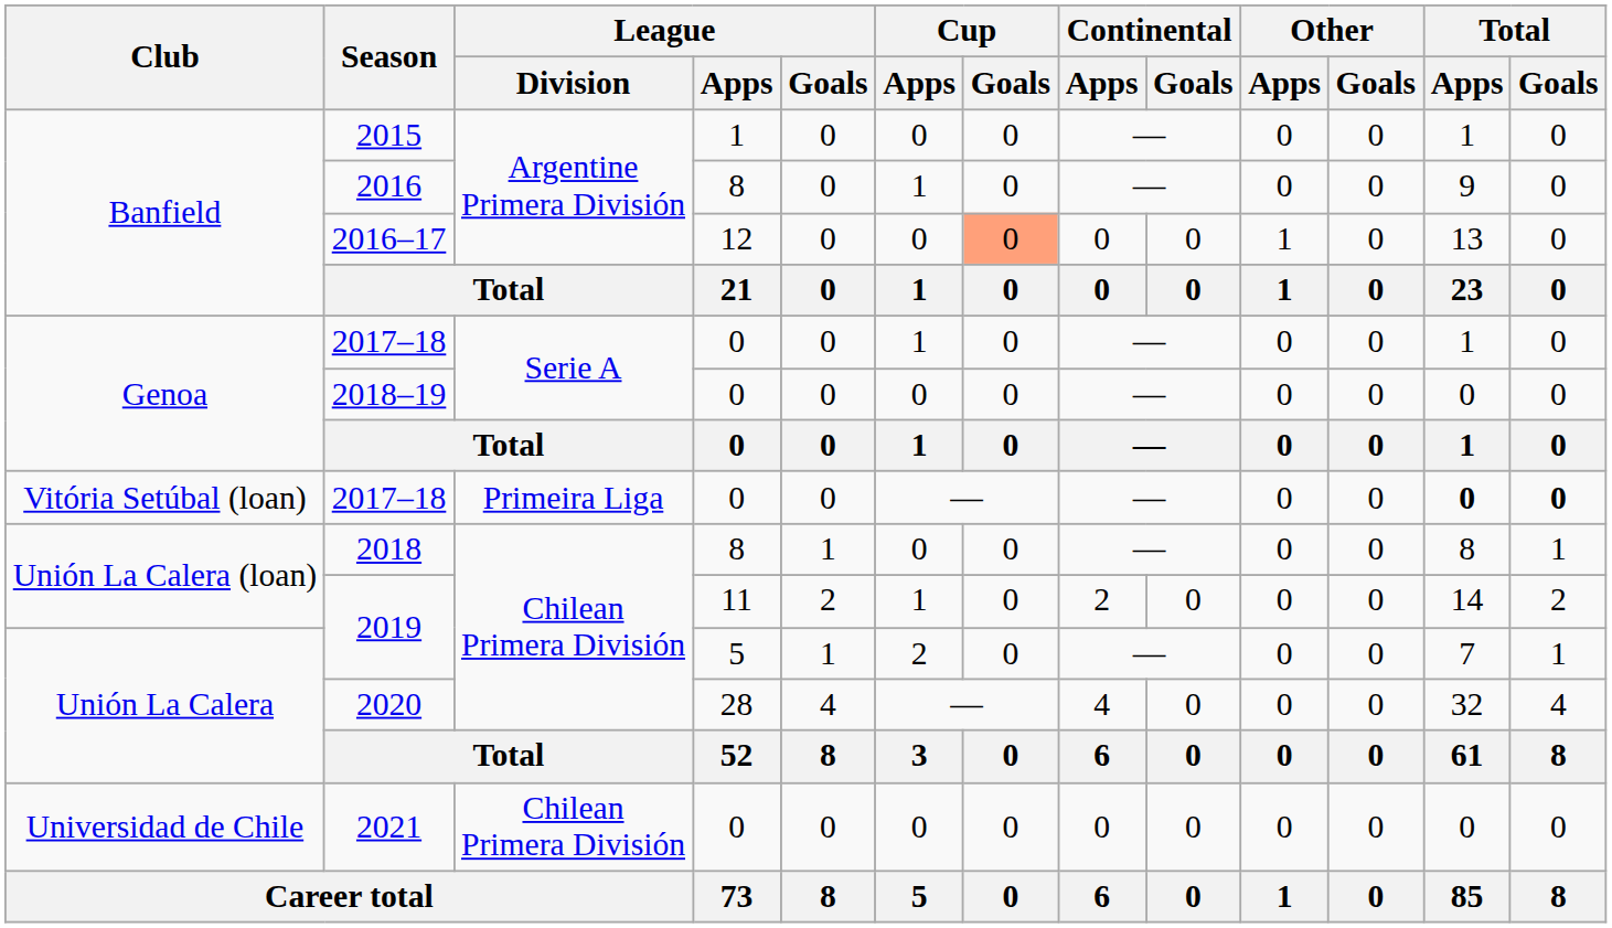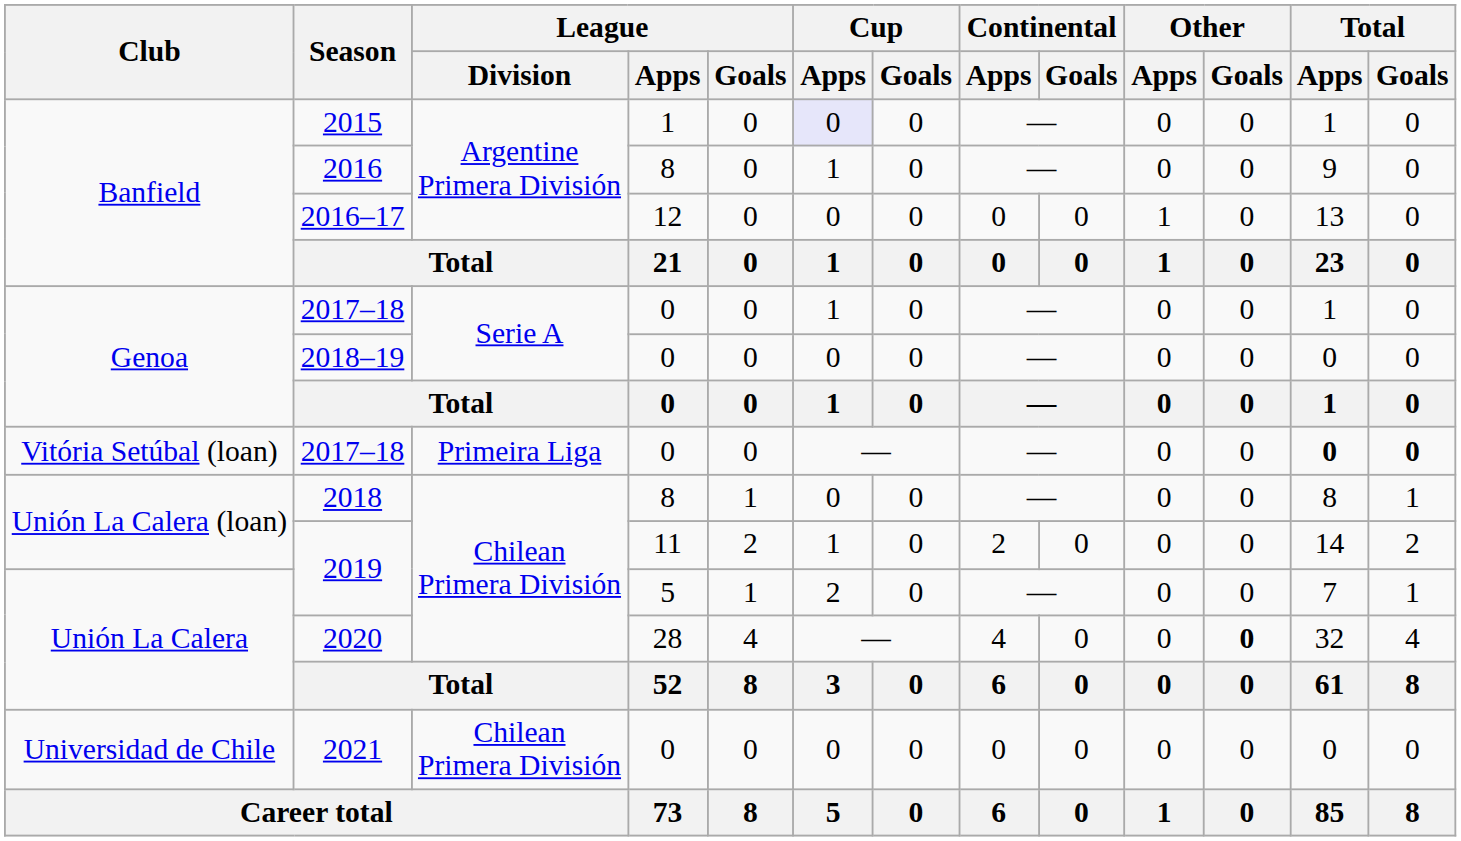 <table class="wikitable" style="text-align:center">
 <tr>
 <th rowspan="2">Club</th>
 <th rowspan="2">Season</th>
 <th colspan="3">League</th>
 <th colspan="2">Cup</th>
 <th colspan="2">Continental</th>
 <th colspan="2">Other</th>
 <th colspan="2">Total</th>
 </tr>
 <tr>
 <th>Division</th>
 <th>Apps</th>
 <th>Goals</th>
 <th>Apps</th>
 <th>Goals</th>
 <th>Apps</th>
 <th>Goals</th>
 <th>Apps</th>
 <th>Goals</th>
 <th>Apps</th>
 <th>Goals</th>
 </tr>
 <tr>
 <td rowspan="4"><a href='#'>Banfield</a></td>
 <td><a href='#'>2015</a></td>
 <td rowspan="3"><a href='#'>Argentine<br>Primera División</a></td>
 <td>1</td>
 <td>0</td>
-<td>0</td>
+<td style="background: lavender;">0</td>
 <td>0</td>
 <td colspan="2">—</td>
 <td>0</td>
 <td>0</td>
 <td>1</td>
 <td>0</td>
 </tr>
 <tr>
 <td><a href='#'>2016</a></td>
 <td>8</td>
 <td>0</td>
 <td>1</td>
 <td>0</td>
 <td colspan="2">—</td>
 <td>0</td>
 <td>0</td>
 <td>9</td>
 <td>0</td>
 </tr>
 <tr>
 <td><a href='#'>2016–17</a></td>
 <td>12</td>
 <td>0</td>
 <td>0</td>
-<td style="background: lightsalmon;">0</td>
+<td>0</td>
 <td>0</td>
 <td>0</td>
 <td>1</td>
 <td>0</td>
 <td>13</td>
 <td>0</td>
 </tr>
 <tr>
 <th colspan="2">Total</th>
 <th>21</th>
 <th>0</th>
 <th>1</th>
 <th>0</th>
 <th>0</th>
 <th>0</th>
 <th>1</th>
 <th>0</th>
 <th>23</th>
 <th>0</th>
 </tr>
 <tr>
 <td rowspan="3"><a href='#'>Genoa</a></td>
 <td><a href='#'>2017–18</a></td>
 <td rowspan="2"><a href='#'>Serie A</a></td>
 <td>0</td>
 <td>0</td>
 <td>1</td>
 <td>0</td>
 <td colspan="2">—</td>
 <td>0</td>
 <td>0</td>
 <td>1</td>
 <td>0</td>
 </tr>
 <tr>
 <td><a href='#'>2018–19</a></td>
 <td>0</td>
 <td>0</td>
 <td>0</td>
 <td>0</td>
 <td colspan="2">—</td>
 <td>0</td>
 <td>0</td>
 <td>0</td>
 <td>0</td>
 </tr>
 <tr>
 <th colspan="2">Total</th>
 <th>0</th>
 <th>0</th>
 <th>1</th>
 <th>0</th>
 <th colspan="2">—</th>
 <th>0</th>
 <th>0</th>
 <th>1</th>
 <th>0</th>
 </tr>
 <tr>
 <td rowspan="1"><a href='#'>Vitória Setúbal</a> (loan)</td>
 <td><a href='#'>2017–18</a></td>
 <td rowspan="1"><a href='#'>Primeira Liga</a></td>
 <td>0</td>
 <td>0</td>
 <td colspan="2">—</td>
 <td colspan="2">—</td>
 <td>0</td>
 <td>0</td>
 <td><strong>0</strong></td>
 <td><strong>0</strong></td>
 </tr>
 <tr>
 <td rowspan="2"><a href='#'>Unión La Calera</a> (loan)</td>
 <td><a href='#'>2018</a></td>
 <td rowspan="4"><a href='#'>Chilean<br>Primera División</a></td>
 <td>8</td>
 <td>1</td>
 <td>0</td>
 <td>0</td>
 <td colspan="2">—</td>
 <td>0</td>
 <td>0</td>
 <td>8</td>
 <td>1</td>
 </tr>
 <tr>
 <td rowspan="2"><a href='#'>2019</a></td>
 <td>11</td>
 <td>2</td>
 <td>1</td>
 <td>0</td>
 <td>2</td>
 <td>0</td>
 <td>0</td>
 <td>0</td>
 <td>14</td>
 <td>2</td>
 </tr>
 <tr>
 <td rowspan="3"><a href='#'>Unión La Calera</a></td>
 <td>5</td>
 <td>1</td>
 <td>2</td>
 <td>0</td>
 <td colspan="2">—</td>
 <td>0</td>
 <td>0</td>
 <td>7</td>
 <td>1</td>
 </tr>
 <tr>
 <td><a href='#'>2020</a></td>
 <td>28</td>
 <td>4</td>
 <td colspan="2">—</td>
 <td>4</td>
 <td>0</td>
 <td>0</td>
-<td>0</td>
+<td><strong>0</strong></td>
 <td>32</td>
 <td>4</td>
 </tr>
 <tr>
 <th colspan="2">Total</th>
 <th>52</th>
 <th>8</th>
 <th>3</th>
 <th>0</th>
 <th>6</th>
 <th>0</th>
 <th>0</th>
 <th>0</th>
 <th>61</th>
 <th>8</th>
 </tr>
 <tr>
 <td><a href='#'>Universidad de Chile</a></td>
 <td><a href='#'>2021</a></td>
 <td><a href='#'>Chilean<br>Primera División</a></td>
 <td>0</td>
 <td>0</td>
 <td>0</td>
 <td>0</td>
 <td>0</td>
 <td>0</td>
 <td>0</td>
 <td>0</td>
 <td>0</td>
 <td>0</td>
 </tr>
 <tr>
 <th colspan="3">Career total</th>
 <th>73</th>
 <th>8</th>
 <th>5</th>
 <th>0</th>
 <th>6</th>
 <th>0</th>
 <th>1</th>
 <th>0</th>
 <th>85</th>
 <th>8</th>
 </tr>
 </table>
